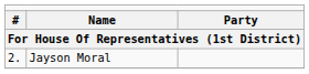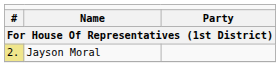 <table class=wikitable style="font-size:90%">
 <tr>
 <td colspan=5 bgcolor=></td>
 </tr>
 <tr>
 <th>#</th>
 <th width=150px>Name</th>
 <th colspan=2 width=110px>Party</th>
 </tr>
 <tr>
 <th colspan=5>For House Of Representatives (1st District)</th>
 </tr>
 <tr>
-<td>2.</td>
+<td style="background: khaki;">2.</td>
 <td>Jayson Moral</td>
 <td></td>
 </tr>
 <tr>
 </tr>
 </table>
